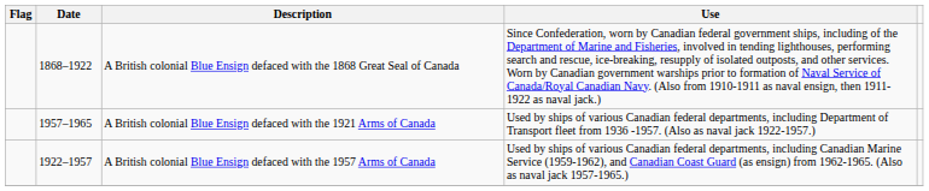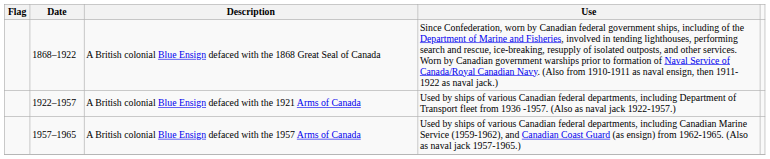 <table class="wikitable">
 <tr>
 <th scope="col">Flag</th>
 <th scope="col">Date</th>
 <th scope="col">Description</th>
 <th scope="col" style="width: 45%;">Use</th>
 </tr>
 <tr>
 <td></td>
 <td>1868–1922</td>
 <td>A British colonial <a href='#'>Blue Ensign</a> defaced with the 1868 Great Seal of Canada</td>
 <td>Since Confederation, worn by Canadian federal government ships, including of the <a href='#'>Department of Marine and Fisheries</a>, involved in tending lighthouses, performing search and rescue, ice-breaking, resupply of isolated outposts, and other services. Worn by Canadian government warships prior to formation of <a href='#'>Naval Service of Canada/Royal Canadian Navy</a>. (Also from 1910-1911 as naval ensign, then 1911-1922 as naval jack.)</td>
 <td></td>
 </tr>
 <tr>
 <td></td>
-<td>1957–1965</td>
+<td>1922–1957</td>
 <td>A British colonial <a href='#'>Blue Ensign</a> defaced with the 1921 <a href='#'>Arms of Canada</a></td>
 <td>Used by ships of various Canadian federal departments, including Department of Transport fleet from 1936 -1957. (Also as naval jack 1922-1957.)</td>
 </tr>
 <tr>
 <td></td>
-<td>1922–1957</td>
+<td>1957–1965</td>
 <td>A British colonial <a href='#'>Blue Ensign</a> defaced with the 1957 <a href='#'>Arms of Canada</a></td>
 <td>Used by ships of various Canadian federal departments, including Canadian Marine Service (1959-1962), and <a href='#'>Canadian Coast Guard</a> (as ensign) from 1962-1965. (Also as naval jack 1957-1965.)</td>
 <td></td>
 </tr>
 <tr>
 </tr>
 </table>
